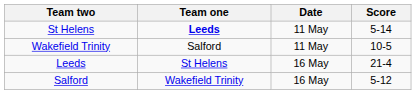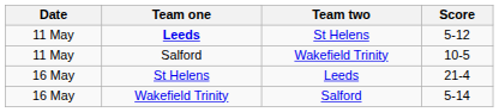 <table class="wikitable" style="text-align: center">
 <tr>
+<th width=150>Date</th>
+<th width=250>Team one</th>
 <th width=250>Team two</th>
-<th width=250>Team one</th>
-<th width=150>Date</th>
 <th width=100>Score</th>
 </tr>
 <tr>
+<td>11 May</td>
+<td><strong><a href='#'>Leeds</a></strong></td>
 <td><a href='#'>St Helens</a></td>
-<td><strong><a href='#'>Leeds</a></strong></td>
-<td>11 May</td>
-<td>5-14</td>
+<td>5-12</td>
 </tr>
 <tr>
+<td>11 May</td>
+<td>Salford</td>
 <td><a href='#'>Wakefield Trinity</a></td>
-<td>Salford</td>
-<td>11 May</td>
 <td>10-5</td>
 </tr>
 <tr>
+<td>16 May</td>
+<td><a href='#'>St Helens</a></td>
 <td><a href='#'>Leeds</a></td>
-<td><a href='#'>St Helens</a></td>
-<td>16 May</td>
 <td>21-4</td>
 </tr>
 <tr>
+<td>16 May</td>
+<td><a href='#'>Wakefield Trinity</a></td>
 <td><a href='#'>Salford</a></td>
-<td><a href='#'>Wakefield Trinity</a></td>
-<td>16 May</td>
-<td>5-12</td>
+<td>5-14</td>
 </tr>
 </table>
